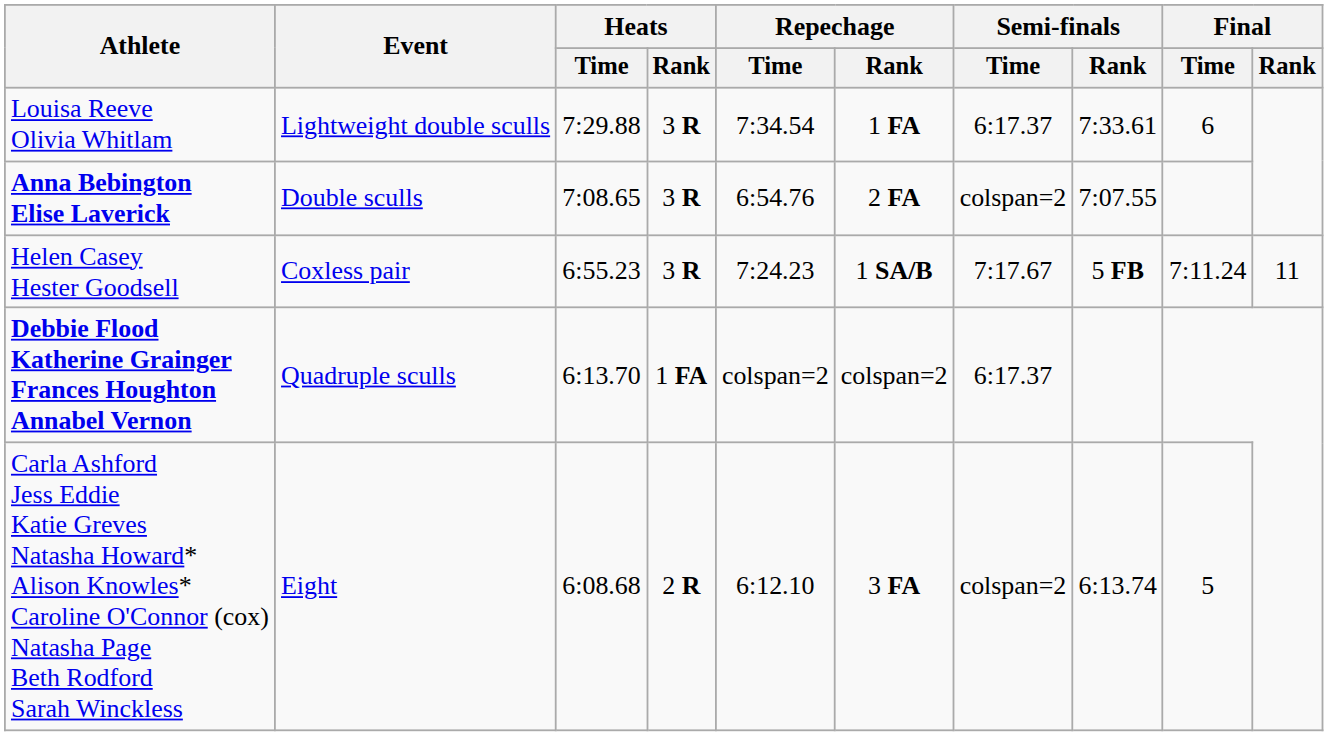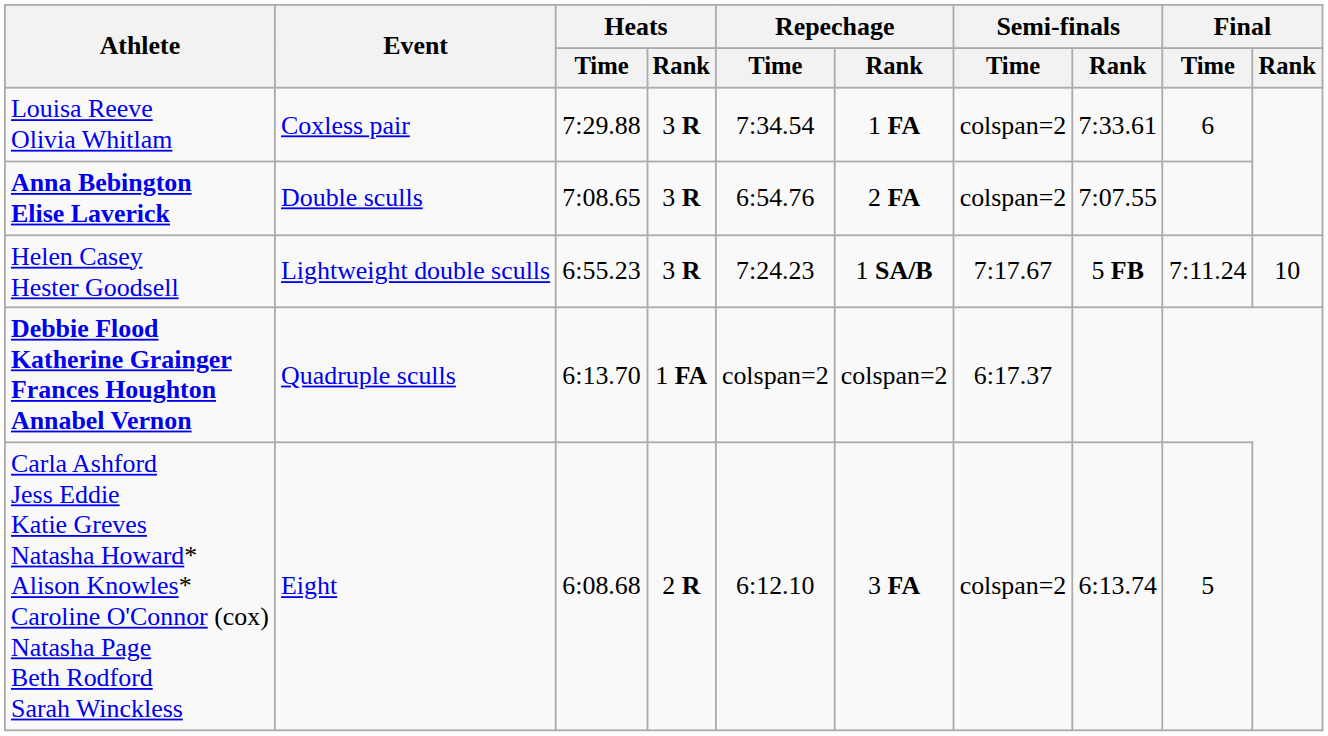 <table class="wikitable" style="font-size:90%">
 <tr>
 <th rowspan="2">Athlete</th>
 <th rowspan="2">Event</th>
 <th colspan="2">Heats</th>
 <th colspan="2">Repechage</th>
 <th colspan="2">Semi-finals</th>
 <th colspan="2">Final</th>
 </tr>
 <tr style="font-size:95%">
 <th>Time</th>
 <th>Rank</th>
 <th>Time</th>
 <th>Rank</th>
 <th>Time</th>
 <th>Rank</th>
 <th>Time</th>
 <th>Rank</th>
 </tr>
 <tr align=center>
 <td align=left><a href='#'>Louisa Reeve</a><br> <a href='#'>Olivia Whitlam</a></td>
-<td align=left><a href='#'>Lightweight double sculls</a></td>
+<td align=left><a href='#'>Coxless pair</a></td>
 <td>7:29.88</td>
 <td>3 <strong>R</strong></td>
 <td>7:34.54</td>
 <td>1 <strong>FA</strong></td>
-<td>6:17.37</td>
+<td>colspan=2 </td>
 <td>7:33.61</td>
 <td>6</td>
 </tr>
 <tr align=center>
 <td align=left><strong><a href='#'>Anna Bebington</a><br> <a href='#'>Elise Laverick</a></strong></td>
 <td align=left><a href='#'>Double sculls</a></td>
 <td>7:08.65</td>
 <td>3 <strong>R</strong></td>
 <td>6:54.76</td>
 <td>2 <strong>FA</strong></td>
 <td>colspan=2 </td>
 <td>7:07.55</td>
 <td></td>
 </tr>
 <tr align=center>
 <td align=left><a href='#'>Helen Casey</a><br> <a href='#'>Hester Goodsell</a></td>
-<td align=left><a href='#'>Coxless pair</a></td>
+<td align=left><a href='#'>Lightweight double sculls</a></td>
 <td>6:55.23</td>
 <td>3 <strong>R</strong></td>
 <td>7:24.23</td>
 <td>1 <strong>SA/B</strong></td>
 <td>7:17.67</td>
 <td>5 <strong>FB</strong></td>
 <td>7:11.24</td>
-<td>11</td>
+<td>10</td>
 </tr>
 <tr align=center>
 <td align=left><strong><a href='#'>Debbie Flood</a><br> <a href='#'>Katherine Grainger</a><br> <a href='#'>Frances Houghton</a><br> <a href='#'>Annabel Vernon</a></strong></td>
 <td align=left><a href='#'>Quadruple sculls</a></td>
 <td>6:13.70</td>
 <td>1 <strong>FA</strong></td>
 <td>colspan=2 </td>
 <td>colspan=2 </td>
 <td>6:17.37</td>
 <td></td>
 </tr>
 <tr align=center>
 <td align=left><a href='#'>Carla Ashford</a><br> <a href='#'>Jess Eddie</a><br> <a href='#'>Katie Greves</a><br> <a href='#'>Natasha Howard</a>*<br> <a href='#'>Alison Knowles</a>*<br> <a href='#'>Caroline O'Connor</a> (cox)<br> <a href='#'>Natasha Page</a><br> <a href='#'>Beth Rodford</a><br> <a href='#'>Sarah Winckless</a></td>
 <td align=left><a href='#'>Eight</a></td>
 <td>6:08.68</td>
 <td>2 <strong>R</strong></td>
 <td>6:12.10</td>
 <td>3 <strong>FA</strong></td>
 <td>colspan=2 </td>
 <td>6:13.74</td>
 <td>5</td>
 </tr>
 </table>
